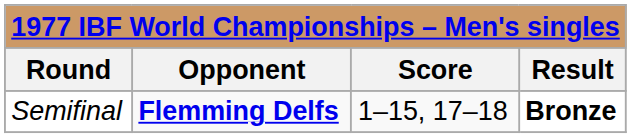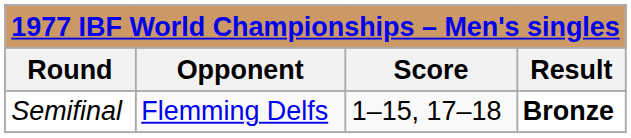 <table style='font-size: 90%; text-align: center;' class='wikitable'>
 <tr>
 <th colspan=5 style="background:#CC9966;"><a href='#'>1977 IBF World Championships – Men's singles</a></th>
 </tr>
 <tr>
 <th>Round</th>
 <th>Opponent</th>
 <th>Score</th>
 <th>Result</th>
 </tr>
 <tr>
 <td style="text-align:left; background:white"><em>Semifinal</em></td>
-<td align="left"><strong> <a href='#'>Flemming Delfs</a></strong></td>
+<td align="left"> <a href='#'>Flemming Delfs</a></td>
 <td align="left">1–15, 17–18</td>
 <td style="text-align:left; background:white"> <strong>Bronze</strong></td>
 </tr>
 </table>
